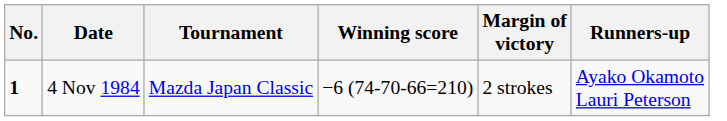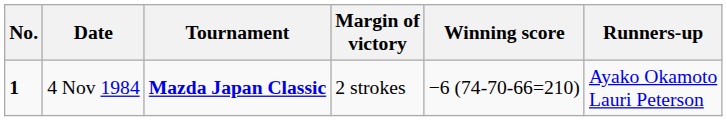 <table class="wikitable" style="font-size:95%;">
 <tr>
 <th>No.</th>
 <th>Date</th>
 <th>Tournament</th>
+<th>Margin of<br>victory</th>
 <th>Winning score</th>
-<th>Margin of<br>victory</th>
 <th>Runners-up</th>
 </tr>
 <tr>
 <td><strong>1</strong></td>
 <td>4 Nov <a href='#'>1984</a></td>
-<td><a href='#'>Mazda Japan Classic</a></td>
+<td><strong><a href='#'>Mazda Japan Classic</a></strong></td>
+<td>2 strokes</td>
 <td>−6 (74-70-66=210)</td>
-<td>2 strokes</td>
 <td> <a href='#'>Ayako Okamoto</a><br> <a href='#'>Lauri Peterson</a></td>
 </tr>
 </table>
